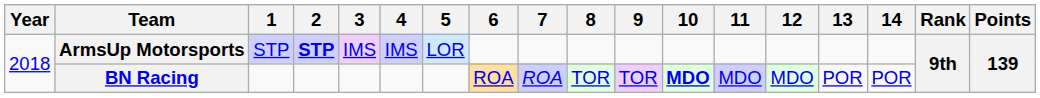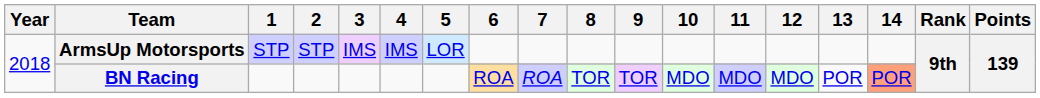 <table class="wikitable" style="text-align:center; font-size:90%">
 <tr>
 <th>Year</th>
 <th>Team</th>
 <th>1</th>
 <th>2</th>
 <th>3</th>
 <th>4</th>
 <th>5</th>
 <th>6</th>
 <th>7</th>
 <th>8</th>
 <th>9</th>
 <th>10</th>
 <th>11</th>
 <th>12</th>
 <th>13</th>
 <th>14</th>
 <th>Rank</th>
 <th>Points</th>
 </tr>
 <tr>
 <td rowspan=2><a href='#'>2018</a></td>
 <th>ArmsUp Motorsports</th>
 <td style="background:#CFCFFF;"><a href='#'>STP</a><br></td>
-<td style="background:#CFCFFF;"><strong><a href='#'>STP</a><br></strong></td>
+<td style="background:#CFCFFF;"><a href='#'>STP</a><br></td>
 <td style="background:#EFCFFF;"><a href='#'>IMS</a><br></td>
 <td style="background:#CFCFFF;"><a href='#'>IMS</a><br></td>
 <td style="background:#CFEAFF;"><a href='#'>LOR</a><br></td>
 <td></td>
 <td></td>
 <td></td>
 <td></td>
 <td></td>
 <td></td>
 <td></td>
 <td></td>
 <td></td>
 <th rowspan=2>9th</th>
 <th rowspan=2>139</th>
 </tr>
 <tr>
 <th><a href='#'>BN Racing</a></th>
 <td></td>
 <td></td>
 <td></td>
 <td></td>
 <td></td>
 <td style="background:#FFDF9F;"><a href='#'>ROA</a><br></td>
 <td style="background:#CFCFFF;"><em><a href='#'>ROA</a></em><br></td>
 <td style="background:#DFFFDF;"><a href='#'>TOR</a><br></td>
 <td style="background:#EFCFFF;"><a href='#'>TOR</a><br></td>
-<td style="background:#DFFFDF;"><strong><a href='#'>MDO</a><br></strong></td>
+<td style="background:#DFFFDF;"><a href='#'>MDO</a><br></td>
 <td style="background:#CFCFFF;"><a href='#'>MDO</a><br></td>
 <td style="background:#DFFFDF;"><a href='#'>MDO</a><br></td>
 <td><a href='#'>POR</a></td>
-<td><a href='#'>POR</a></td>
+<td style="background: lightsalmon;"><a href='#'>POR</a></td>
 </tr>
 </table>
